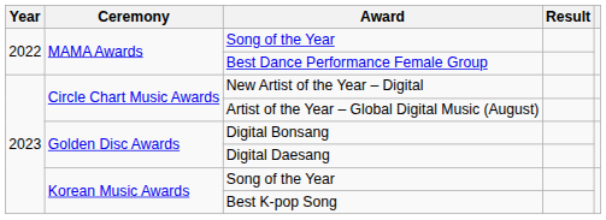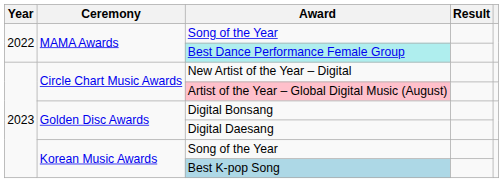 <table class="wikitable plainrowheaders">
 <tr>
 <th scope="col">Year</th>
 <th scope="col">Ceremony</th>
 <th scope="col">Award</th>
 <th scope="col">Result</th>
 <th class="unsortable"></th>
 </tr>
 <tr>
 <td scope="row" rowspan="2">2022</td>
 <td rowspan="2"><a href='#'>MAMA Awards</a></td>
 <td><a href='#'>Song of the Year</a></td>
 <td></td>
 <td rowspan="2" style="text-align:center"></td>
 </tr>
 <tr>
-<td><a href='#'>Best Dance Performance Female Group</a></td>
+<td style="background: paleturquoise;"><a href='#'>Best Dance Performance Female Group</a></td>
 <td></td>
 </tr>
 <tr>
 <td scope="row" rowspan="6">2023</td>
 <td rowspan="2"><a href='#'>Circle Chart Music Awards</a></td>
 <td>New Artist of the Year – Digital</td>
 <td></td>
 <td style="text-align:center"></td>
 </tr>
 <tr>
-<td>Artist of the Year – Global Digital Music (August)</td>
+<td style="background: pink;">Artist of the Year – Global Digital Music (August)</td>
 <td></td>
 <td style="text-align:center"></td>
 </tr>
 <tr>
 <td rowspan="2"><a href='#'>Golden Disc Awards</a></td>
 <td>Digital Bonsang</td>
 <td></td>
 <td rowspan="2" style="text-align:center"></td>
 </tr>
 <tr>
 <td>Digital Daesang</td>
 <td></td>
 </tr>
 <tr>
 <td rowspan="2"><a href='#'>Korean Music Awards</a></td>
 <td>Song of the Year</td>
 <td></td>
 <td rowspan="2" style="text-align:center"></td>
 </tr>
 <tr>
-<td>Best K-pop Song</td>
+<td style="background: lightblue;">Best K-pop Song</td>
 <td></td>
 </tr>
 </table>
